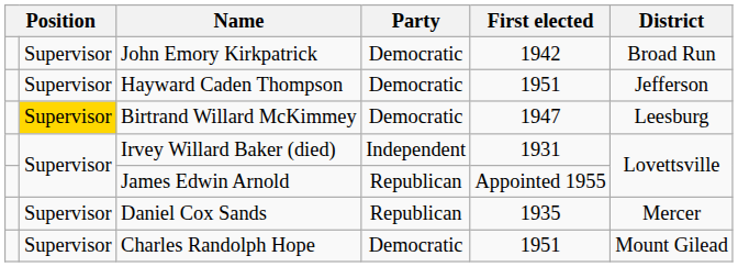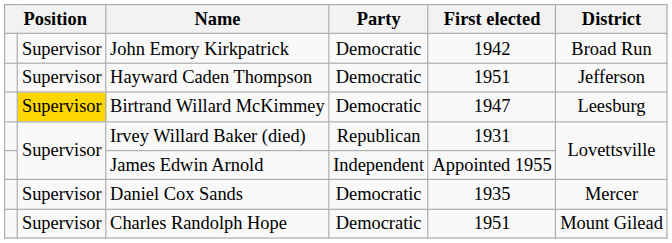 <table class="wikitable">
 <tr>
 <th colspan="2">Position</th>
 <th>Name</th>
 <th>Party</th>
 <th>First elected</th>
 <th>District</th>
 </tr>
 <tr>
 <td style="background-color:"> </td>
 <td>Supervisor</td>
 <td>John Emory Kirkpatrick</td>
 <td style="text-align:center;">Democratic</td>
 <td style="text-align:center;">1942</td>
 <td style="text-align:center;">Broad Run</td>
 </tr>
 <tr>
 <td style="background-color:"> </td>
 <td>Supervisor</td>
 <td>Hayward Caden Thompson</td>
 <td style="text-align:center;">Democratic</td>
 <td style="text-align:center;">1951</td>
 <td style="text-align:center;">Jefferson</td>
 </tr>
 <tr>
 <td style="background-color:"> </td>
 <td style="background: gold;">Supervisor</td>
 <td>Birtrand Willard McKimmey</td>
 <td style="text-align:center;">Democratic</td>
 <td style="text-align:center;">1947</td>
 <td style="text-align:center;">Leesburg</td>
 </tr>
 <tr>
 <td style="background-color:"> </td>
 <td rowspan="2">Supervisor</td>
 <td>Irvey Willard Baker (died)</td>
-<td style="text-align:center;">Independent</td>
+<td style="text-align:center;">Republican</td>
 <td style="text-align:center;">1931</td>
 <td rowspan="2" style="text-align:center;">Lovettsville</td>
 </tr>
 <tr>
 <td style="background-color:"> </td>
 <td>James Edwin Arnold</td>
-<td style="text-align:center;">Republican</td>
+<td style="text-align:center;">Independent</td>
 <td style="text-align:center;">Appointed 1955</td>
 </tr>
 <tr>
 <td style="background-color:"> </td>
 <td>Supervisor</td>
 <td>Daniel Cox Sands</td>
-<td style="text-align:center;">Republican</td>
+<td style="text-align:center;">Democratic</td>
 <td style="text-align:center;">1935</td>
 <td style="text-align:center;">Mercer</td>
 </tr>
 <tr>
 <td style="background-color:"> </td>
 <td>Supervisor</td>
 <td>Charles Randolph Hope</td>
 <td style="text-align:center;">Democratic</td>
 <td style="text-align:center;">1951</td>
 <td style="text-align:center;">Mount Gilead</td>
 </tr>
 </table>
